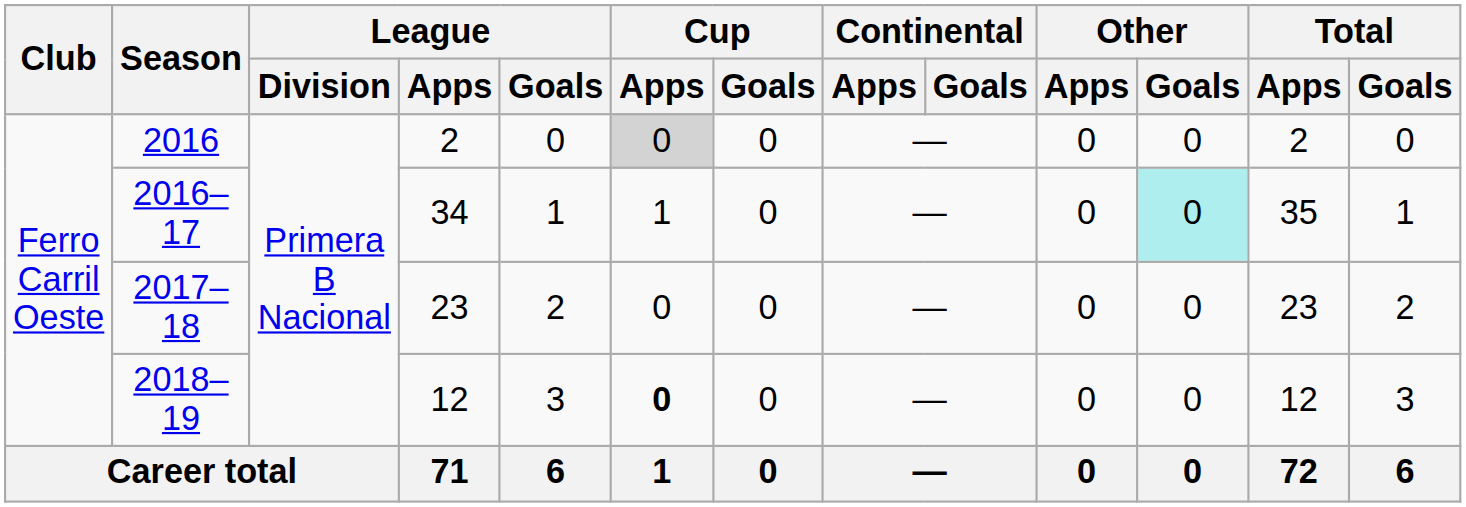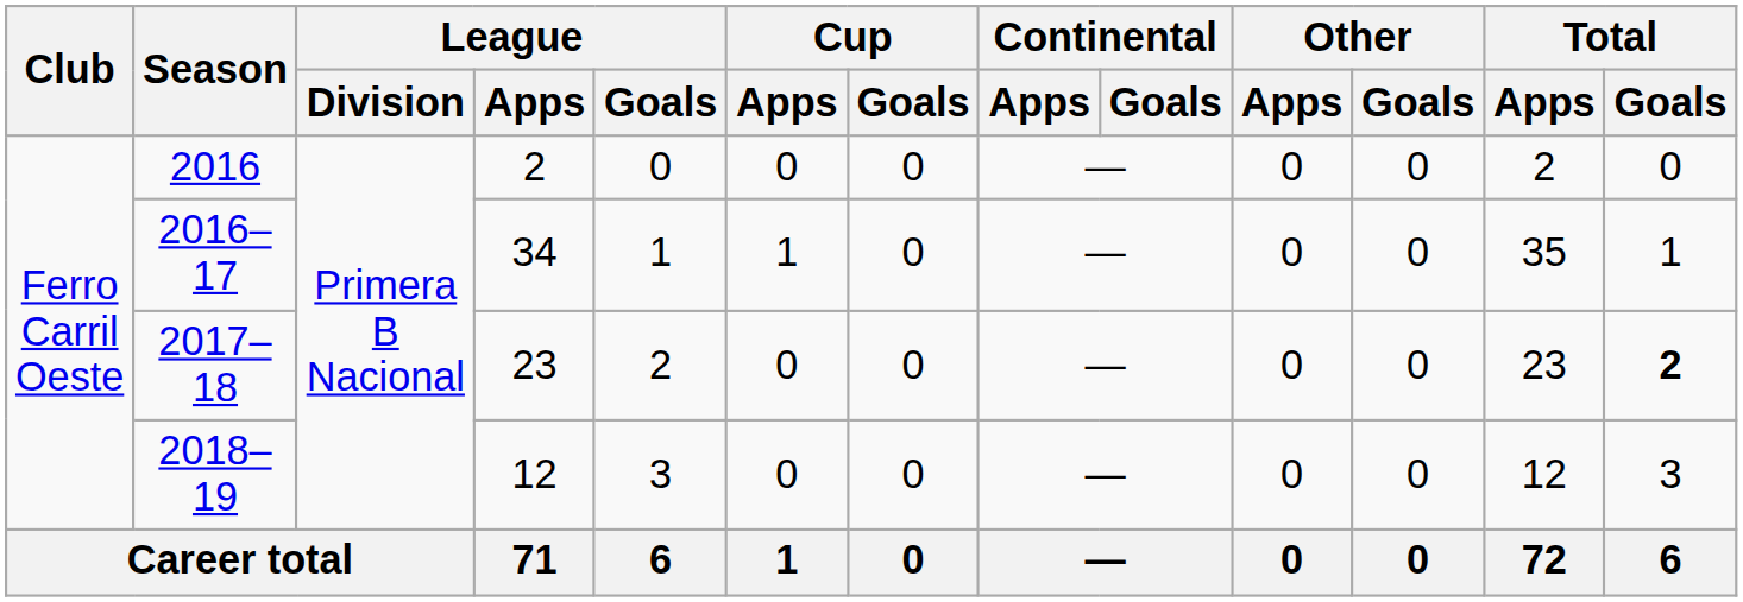 <table class="wikitable" style="text-align:center">
 <tr>
 <th rowspan="2">Club</th>
 <th rowspan="2">Season</th>
 <th colspan="3">League</th>
 <th colspan="2">Cup</th>
 <th colspan="2">Continental</th>
 <th colspan="2">Other</th>
 <th colspan="2">Total</th>
 </tr>
 <tr>
 <th>Division</th>
 <th>Apps</th>
 <th>Goals</th>
 <th>Apps</th>
 <th>Goals</th>
 <th>Apps</th>
 <th>Goals</th>
 <th>Apps</th>
 <th>Goals</th>
 <th>Apps</th>
 <th>Goals</th>
 </tr>
 <tr>
 <td rowspan="4"><a href='#'>Ferro Carril Oeste</a></td>
 <td><a href='#'>2016</a></td>
 <td rowspan="4"><a href='#'>Primera B Nacional</a></td>
 <td>2</td>
 <td>0</td>
-<td style="background: lightgrey;">0</td>
+<td>0</td>
 <td>0</td>
 <td colspan="2">—</td>
 <td>0</td>
 <td>0</td>
 <td>2</td>
 <td>0</td>
 </tr>
 <tr>
 <td><a href='#'>2016–17</a></td>
 <td>34</td>
 <td>1</td>
 <td>1</td>
 <td>0</td>
 <td colspan="2">—</td>
 <td>0</td>
-<td style="background: paleturquoise;">0</td>
+<td>0</td>
 <td>35</td>
 <td>1</td>
 </tr>
 <tr>
 <td><a href='#'>2017–18</a></td>
 <td>23</td>
 <td>2</td>
 <td>0</td>
 <td>0</td>
 <td colspan="2">—</td>
 <td>0</td>
 <td>0</td>
 <td>23</td>
-<td>2</td>
+<td><strong>2</strong></td>
 </tr>
 <tr>
 <td><a href='#'>2018–19</a></td>
 <td>12</td>
 <td>3</td>
-<td><strong>0</strong></td>
+<td>0</td>
 <td>0</td>
 <td colspan="2">—</td>
 <td>0</td>
 <td>0</td>
 <td>12</td>
 <td>3</td>
 </tr>
 <tr>
 <th colspan="3">Career total</th>
 <th>71</th>
 <th>6</th>
 <th>1</th>
 <th>0</th>
 <th colspan="2">—</th>
 <th>0</th>
 <th>0</th>
 <th>72</th>
 <th>6</th>
 </tr>
 </table>
